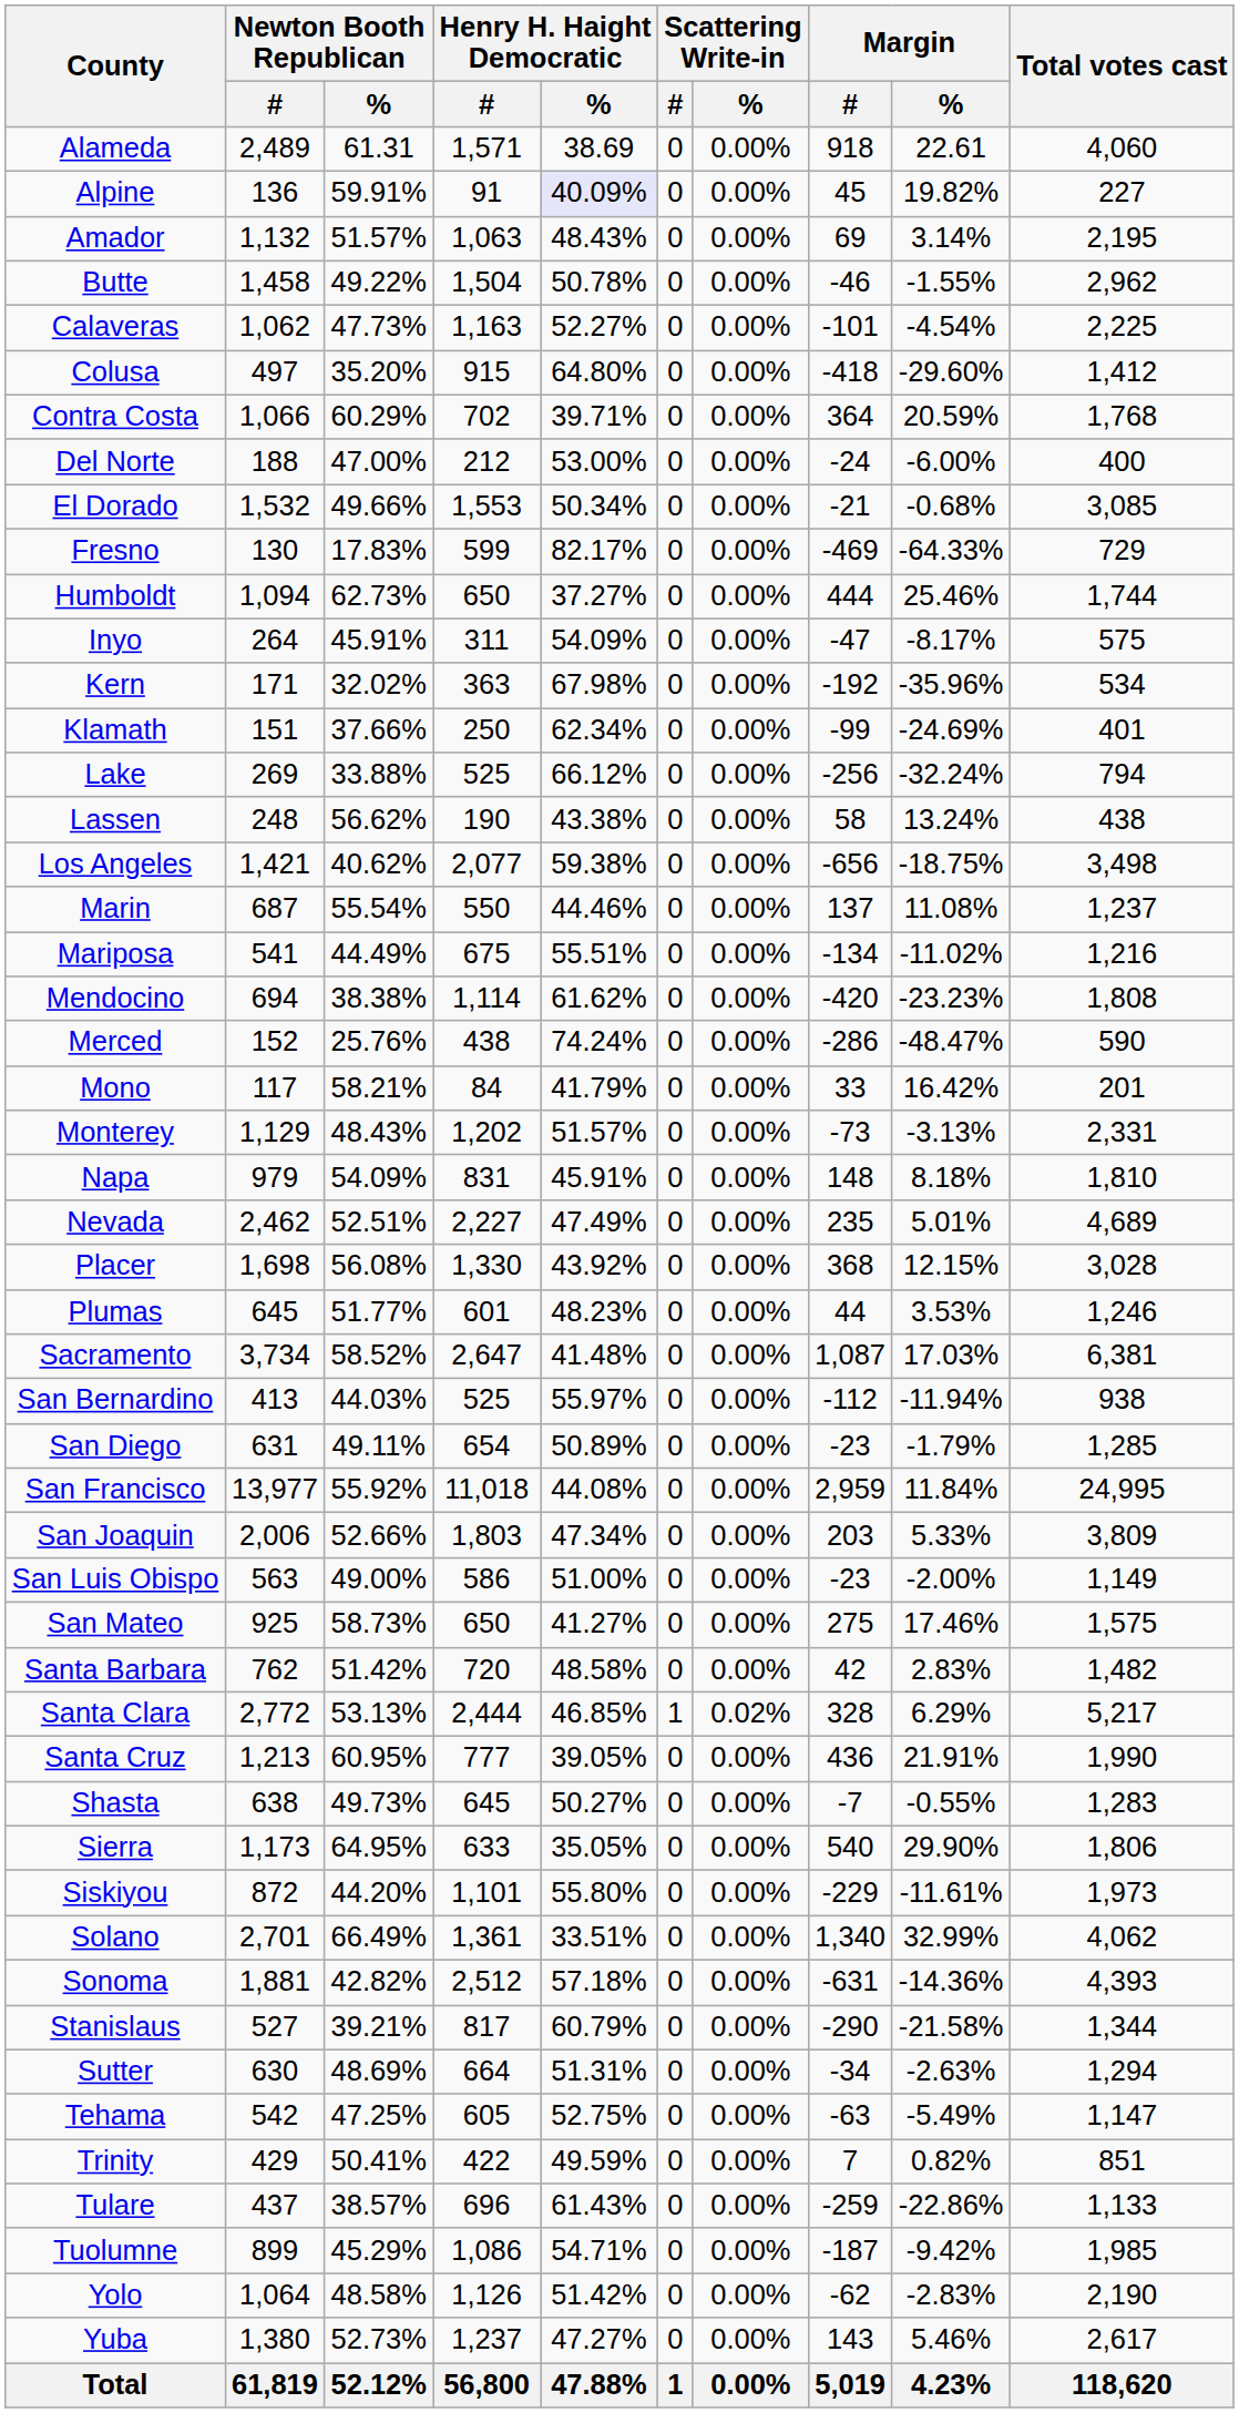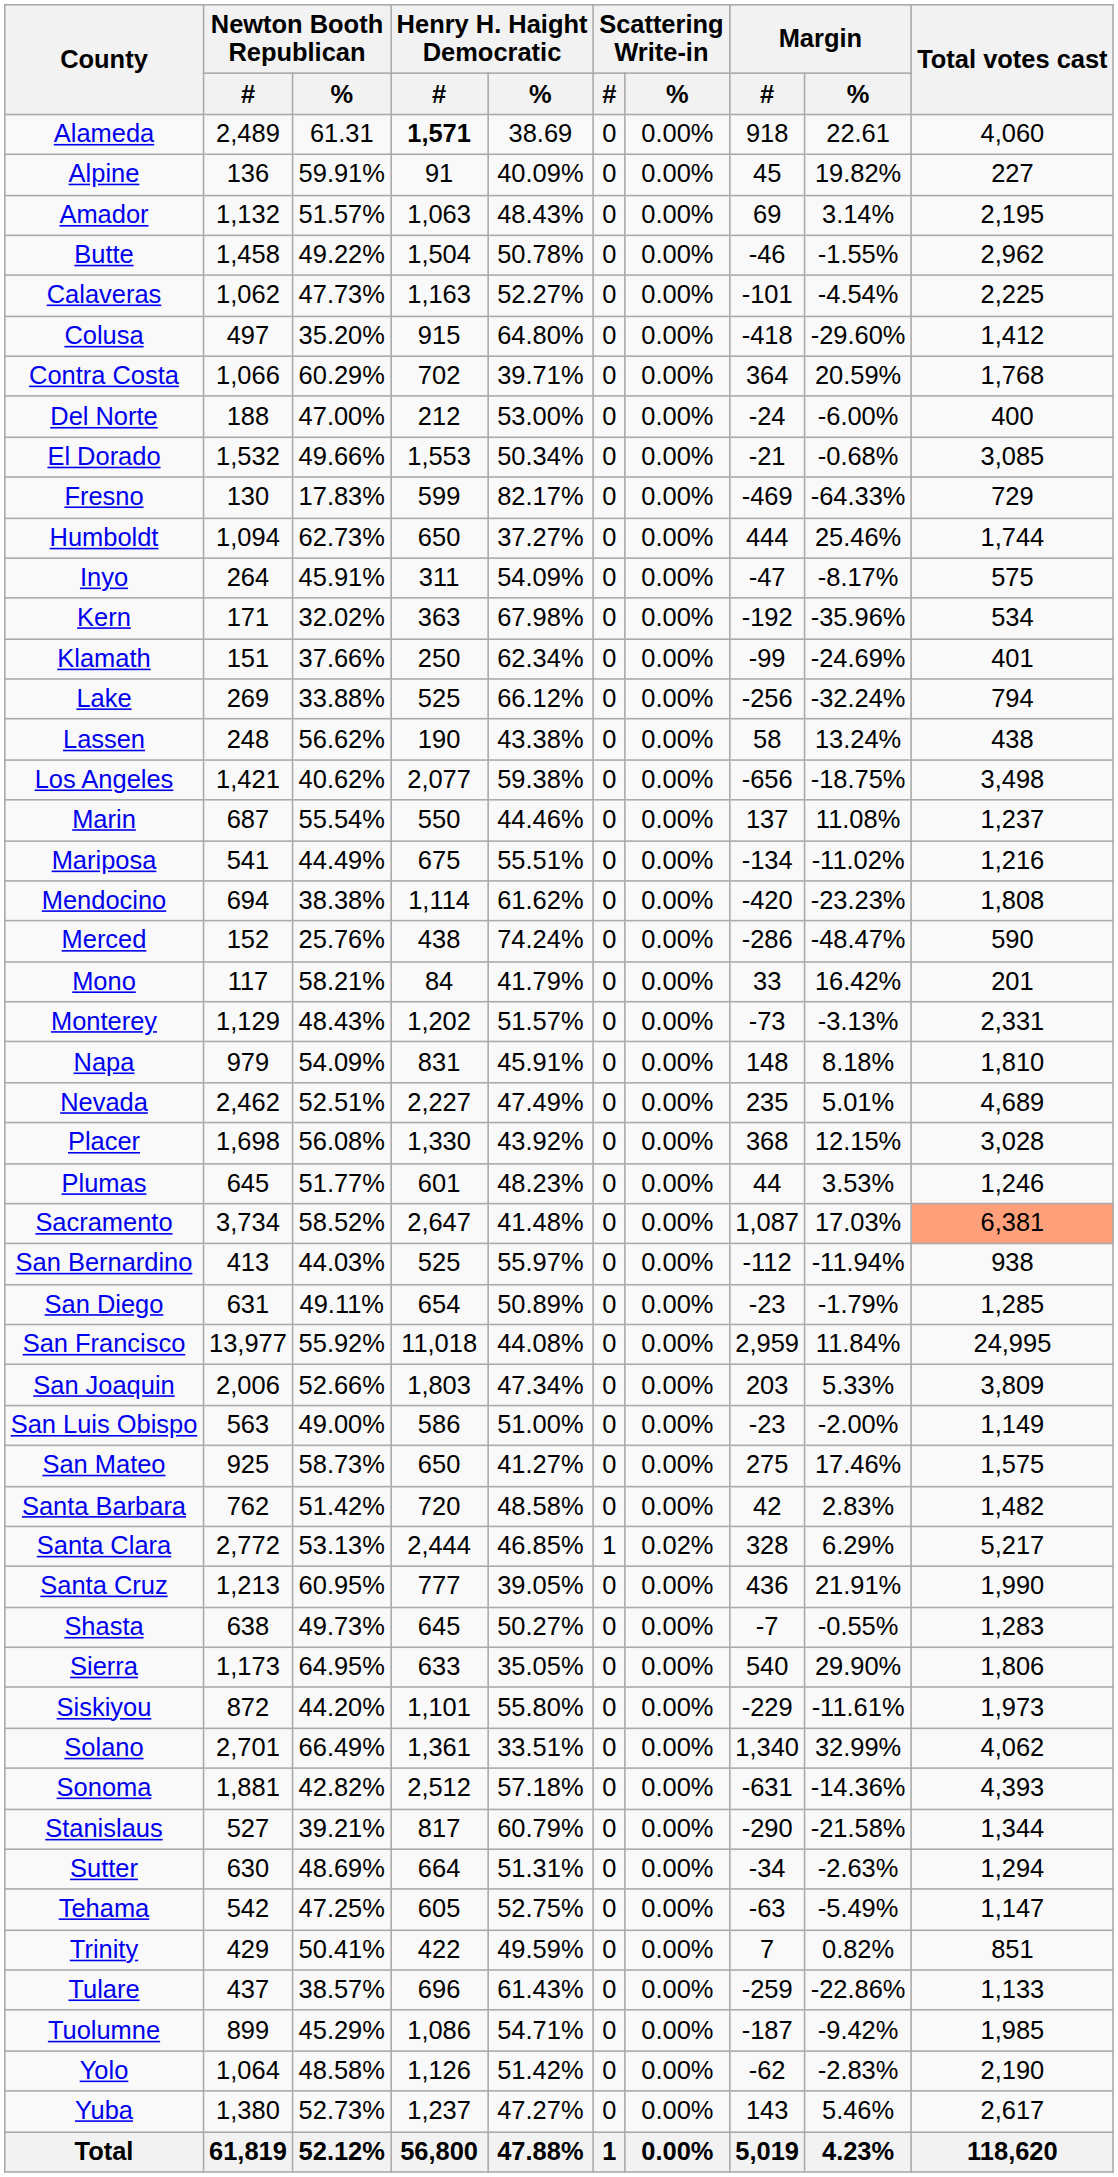 <table class="wikitable sortable" style="text-align:center">
 <tr>
 <th rowspan="2">County</th>
 <th style="text-align:center;" colspan="2">Newton Booth<br>Republican</th>
 <th style="text-align:center;" colspan="2">Henry H. Haight<br>Democratic</th>
 <th style="text-align:center;" colspan="2">Scattering<br>Write-in</th>
 <th style="text-align:center;" colspan="2">Margin</th>
 <th style="text-align:center;" rowspan="2">Total votes cast</th>
 </tr>
 <tr>
 <th style="text-align:center;" data-sort-type="number">#</th>
 <th style="text-align:center;" data-sort-type="number">%</th>
 <th style="text-align:center;" data-sort-type="number">#</th>
 <th style="text-align:center;" data-sort-type="number">%</th>
 <th style="text-align:center;" data-sort-type="number">#</th>
 <th style="text-align:center;" data-sort-type="number">%</th>
 <th style="text-align:center;" data-sort-type="number">#</th>
 <th style="text-align:center;" data-sort-type="number">%</th>
 </tr>
 <tr style="text-align:center;">
 <td><a href='#'>Alameda</a></td>
 <td>2,489</td>
 <td>61.31</td>
-<td>1,571</td>
+<td><strong>1,571</strong></td>
 <td>38.69</td>
 <td>0</td>
 <td>0.00%</td>
 <td>918</td>
 <td>22.61</td>
 <td>4,060</td>
 </tr>
 <tr style="text-align:center;">
 <td><a href='#'>Alpine</a></td>
 <td>136</td>
 <td>59.91%</td>
 <td>91</td>
-<td style="background: lavender;">40.09%</td>
+<td>40.09%</td>
 <td>0</td>
 <td>0.00%</td>
 <td>45</td>
 <td>19.82%</td>
 <td>227</td>
 </tr>
 <tr style="text-align:center;">
 <td><a href='#'>Amador</a></td>
 <td>1,132</td>
 <td>51.57%</td>
 <td>1,063</td>
 <td>48.43%</td>
 <td>0</td>
 <td>0.00%</td>
 <td>69</td>
 <td>3.14%</td>
 <td>2,195</td>
 </tr>
 <tr style="text-align:center;">
 <td><a href='#'>Butte</a></td>
 <td>1,458</td>
 <td>49.22%</td>
 <td>1,504</td>
 <td>50.78%</td>
 <td>0</td>
 <td>0.00%</td>
 <td>-46</td>
 <td>-1.55%</td>
 <td>2,962</td>
 </tr>
 <tr style="text-align:center;">
 <td><a href='#'>Calaveras</a></td>
 <td>1,062</td>
 <td>47.73%</td>
 <td>1,163</td>
 <td>52.27%</td>
 <td>0</td>
 <td>0.00%</td>
 <td>-101</td>
 <td>-4.54%</td>
 <td>2,225</td>
 </tr>
 <tr style="text-align:center;">
 <td><a href='#'>Colusa</a></td>
 <td>497</td>
 <td>35.20%</td>
 <td>915</td>
 <td>64.80%</td>
 <td>0</td>
 <td>0.00%</td>
 <td>-418</td>
 <td>-29.60%</td>
 <td>1,412</td>
 </tr>
 <tr style="text-align:center;">
 <td><a href='#'>Contra Costa</a></td>
 <td>1,066</td>
 <td>60.29%</td>
 <td>702</td>
 <td>39.71%</td>
 <td>0</td>
 <td>0.00%</td>
 <td>364</td>
 <td>20.59%</td>
 <td>1,768</td>
 </tr>
 <tr style="text-align:center;">
 <td><a href='#'>Del Norte</a></td>
 <td>188</td>
 <td>47.00%</td>
 <td>212</td>
 <td>53.00%</td>
 <td>0</td>
 <td>0.00%</td>
 <td>-24</td>
 <td>-6.00%</td>
 <td>400</td>
 </tr>
 <tr style="text-align:center;">
 <td><a href='#'>El Dorado</a></td>
 <td>1,532</td>
 <td>49.66%</td>
 <td>1,553</td>
 <td>50.34%</td>
 <td>0</td>
 <td>0.00%</td>
 <td>-21</td>
 <td>-0.68%</td>
 <td>3,085</td>
 </tr>
 <tr style="text-align:center;">
 <td><a href='#'>Fresno</a></td>
 <td>130</td>
 <td>17.83%</td>
 <td>599</td>
 <td>82.17%</td>
 <td>0</td>
 <td>0.00%</td>
 <td>-469</td>
 <td>-64.33%</td>
 <td>729</td>
 </tr>
 <tr style="text-align:center;">
 <td><a href='#'>Humboldt</a></td>
 <td>1,094</td>
 <td>62.73%</td>
 <td>650</td>
 <td>37.27%</td>
 <td>0</td>
 <td>0.00%</td>
 <td>444</td>
 <td>25.46%</td>
 <td>1,744</td>
 </tr>
 <tr style="text-align:center;">
 <td><a href='#'>Inyo</a></td>
 <td>264</td>
 <td>45.91%</td>
 <td>311</td>
 <td>54.09%</td>
 <td>0</td>
 <td>0.00%</td>
 <td>-47</td>
 <td>-8.17%</td>
 <td>575</td>
 </tr>
 <tr style="text-align:center;">
 <td><a href='#'>Kern</a></td>
 <td>171</td>
 <td>32.02%</td>
 <td>363</td>
 <td>67.98%</td>
 <td>0</td>
 <td>0.00%</td>
 <td>-192</td>
 <td>-35.96%</td>
 <td>534</td>
 </tr>
 <tr style="text-align:center;">
 <td><a href='#'>Klamath</a></td>
 <td>151</td>
 <td>37.66%</td>
 <td>250</td>
 <td>62.34%</td>
 <td>0</td>
 <td>0.00%</td>
 <td>-99</td>
 <td>-24.69%</td>
 <td>401</td>
 </tr>
 <tr style="text-align:center;">
 <td><a href='#'>Lake</a></td>
 <td>269</td>
 <td>33.88%</td>
 <td>525</td>
 <td>66.12%</td>
 <td>0</td>
 <td>0.00%</td>
 <td>-256</td>
 <td>-32.24%</td>
 <td>794</td>
 </tr>
 <tr style="text-align:center;">
 <td><a href='#'>Lassen</a></td>
 <td>248</td>
 <td>56.62%</td>
 <td>190</td>
 <td>43.38%</td>
 <td>0</td>
 <td>0.00%</td>
 <td>58</td>
 <td>13.24%</td>
 <td>438</td>
 </tr>
 <tr style="text-align:center;">
 <td><a href='#'>Los Angeles</a></td>
 <td>1,421</td>
 <td>40.62%</td>
 <td>2,077</td>
 <td>59.38%</td>
 <td>0</td>
 <td>0.00%</td>
 <td>-656</td>
 <td>-18.75%</td>
 <td>3,498</td>
 </tr>
 <tr style="text-align:center;">
 <td><a href='#'>Marin</a></td>
 <td>687</td>
 <td>55.54%</td>
 <td>550</td>
 <td>44.46%</td>
 <td>0</td>
 <td>0.00%</td>
 <td>137</td>
 <td>11.08%</td>
 <td>1,237</td>
 </tr>
 <tr style="text-align:center;">
 <td><a href='#'>Mariposa</a></td>
 <td>541</td>
 <td>44.49%</td>
 <td>675</td>
 <td>55.51%</td>
 <td>0</td>
 <td>0.00%</td>
 <td>-134</td>
 <td>-11.02%</td>
 <td>1,216</td>
 </tr>
 <tr style="text-align:center;">
 <td><a href='#'>Mendocino</a></td>
 <td>694</td>
 <td>38.38%</td>
 <td>1,114</td>
 <td>61.62%</td>
 <td>0</td>
 <td>0.00%</td>
 <td>-420</td>
 <td>-23.23%</td>
 <td>1,808</td>
 </tr>
 <tr style="text-align:center;">
 <td><a href='#'>Merced</a></td>
 <td>152</td>
 <td>25.76%</td>
 <td>438</td>
 <td>74.24%</td>
 <td>0</td>
 <td>0.00%</td>
 <td>-286</td>
 <td>-48.47%</td>
 <td>590</td>
 </tr>
 <tr style="text-align:center;">
 <td><a href='#'>Mono</a></td>
 <td>117</td>
 <td>58.21%</td>
 <td>84</td>
 <td>41.79%</td>
 <td>0</td>
 <td>0.00%</td>
 <td>33</td>
 <td>16.42%</td>
 <td>201</td>
 </tr>
 <tr style="text-align:center;">
 <td><a href='#'>Monterey</a></td>
 <td>1,129</td>
 <td>48.43%</td>
 <td>1,202</td>
 <td>51.57%</td>
 <td>0</td>
 <td>0.00%</td>
 <td>-73</td>
 <td>-3.13%</td>
 <td>2,331</td>
 </tr>
 <tr style="text-align:center;">
 <td><a href='#'>Napa</a></td>
 <td>979</td>
 <td>54.09%</td>
 <td>831</td>
 <td>45.91%</td>
 <td>0</td>
 <td>0.00%</td>
 <td>148</td>
 <td>8.18%</td>
 <td>1,810</td>
 </tr>
 <tr style="text-align:center;">
 <td><a href='#'>Nevada</a></td>
 <td>2,462</td>
 <td>52.51%</td>
 <td>2,227</td>
 <td>47.49%</td>
 <td>0</td>
 <td>0.00%</td>
 <td>235</td>
 <td>5.01%</td>
 <td>4,689</td>
 </tr>
 <tr style="text-align:center;">
 <td><a href='#'>Placer</a></td>
 <td>1,698</td>
 <td>56.08%</td>
 <td>1,330</td>
 <td>43.92%</td>
 <td>0</td>
 <td>0.00%</td>
 <td>368</td>
 <td>12.15%</td>
 <td>3,028</td>
 </tr>
 <tr style="text-align:center;">
 <td><a href='#'>Plumas</a></td>
 <td>645</td>
 <td>51.77%</td>
 <td>601</td>
 <td>48.23%</td>
 <td>0</td>
 <td>0.00%</td>
 <td>44</td>
 <td>3.53%</td>
 <td>1,246</td>
 </tr>
 <tr style="text-align:center;">
 <td><a href='#'>Sacramento</a></td>
 <td>3,734</td>
 <td>58.52%</td>
 <td>2,647</td>
 <td>41.48%</td>
 <td>0</td>
 <td>0.00%</td>
 <td>1,087</td>
 <td>17.03%</td>
-<td>6,381</td>
+<td style="background: lightsalmon;">6,381</td>
 </tr>
 <tr style="text-align:center;">
 <td><a href='#'>San Bernardino</a></td>
 <td>413</td>
 <td>44.03%</td>
 <td>525</td>
 <td>55.97%</td>
 <td>0</td>
 <td>0.00%</td>
 <td>-112</td>
 <td>-11.94%</td>
 <td>938</td>
 </tr>
 <tr style="text-align:center;">
 <td><a href='#'>San Diego</a></td>
 <td>631</td>
 <td>49.11%</td>
 <td>654</td>
 <td>50.89%</td>
 <td>0</td>
 <td>0.00%</td>
 <td>-23</td>
 <td>-1.79%</td>
 <td>1,285</td>
 </tr>
 <tr style="text-align:center;">
 <td><a href='#'>San Francisco</a></td>
 <td>13,977</td>
 <td>55.92%</td>
 <td>11,018</td>
 <td>44.08%</td>
 <td>0</td>
 <td>0.00%</td>
 <td>2,959</td>
 <td>11.84%</td>
 <td>24,995</td>
 </tr>
 <tr style="text-align:center;">
 <td><a href='#'>San Joaquin</a></td>
 <td>2,006</td>
 <td>52.66%</td>
 <td>1,803</td>
 <td>47.34%</td>
 <td>0</td>
 <td>0.00%</td>
 <td>203</td>
 <td>5.33%</td>
 <td>3,809</td>
 </tr>
 <tr style="text-align:center;">
 <td><a href='#'>San Luis Obispo</a></td>
 <td>563</td>
 <td>49.00%</td>
 <td>586</td>
 <td>51.00%</td>
 <td>0</td>
 <td>0.00%</td>
 <td>-23</td>
 <td>-2.00%</td>
 <td>1,149</td>
 </tr>
 <tr style="text-align:center;">
 <td><a href='#'>San Mateo</a></td>
 <td>925</td>
 <td>58.73%</td>
 <td>650</td>
 <td>41.27%</td>
 <td>0</td>
 <td>0.00%</td>
 <td>275</td>
 <td>17.46%</td>
 <td>1,575</td>
 </tr>
 <tr style="text-align:center;">
 <td><a href='#'>Santa Barbara</a></td>
 <td>762</td>
 <td>51.42%</td>
 <td>720</td>
 <td>48.58%</td>
 <td>0</td>
 <td>0.00%</td>
 <td>42</td>
 <td>2.83%</td>
 <td>1,482</td>
 </tr>
 <tr style="text-align:center;">
 <td><a href='#'>Santa Clara</a></td>
 <td>2,772</td>
 <td>53.13%</td>
 <td>2,444</td>
 <td>46.85%</td>
 <td>1</td>
 <td>0.02%</td>
 <td>328</td>
 <td>6.29%</td>
 <td>5,217</td>
 </tr>
 <tr style="text-align:center;">
 <td><a href='#'>Santa Cruz</a></td>
 <td>1,213</td>
 <td>60.95%</td>
 <td>777</td>
 <td>39.05%</td>
 <td>0</td>
 <td>0.00%</td>
 <td>436</td>
 <td>21.91%</td>
 <td>1,990</td>
 </tr>
 <tr style="text-align:center;">
 <td><a href='#'>Shasta</a></td>
 <td>638</td>
 <td>49.73%</td>
 <td>645</td>
 <td>50.27%</td>
 <td>0</td>
 <td>0.00%</td>
 <td>-7</td>
 <td>-0.55%</td>
 <td>1,283</td>
 </tr>
 <tr style="text-align:center;">
 <td><a href='#'>Sierra</a></td>
 <td>1,173</td>
 <td>64.95%</td>
 <td>633</td>
 <td>35.05%</td>
 <td>0</td>
 <td>0.00%</td>
 <td>540</td>
 <td>29.90%</td>
 <td>1,806</td>
 </tr>
 <tr style="text-align:center;">
 <td><a href='#'>Siskiyou</a></td>
 <td>872</td>
 <td>44.20%</td>
 <td>1,101</td>
 <td>55.80%</td>
 <td>0</td>
 <td>0.00%</td>
 <td>-229</td>
 <td>-11.61%</td>
 <td>1,973</td>
 </tr>
 <tr style="text-align:center;">
 <td><a href='#'>Solano</a></td>
 <td>2,701</td>
 <td>66.49%</td>
 <td>1,361</td>
 <td>33.51%</td>
 <td>0</td>
 <td>0.00%</td>
 <td>1,340</td>
 <td>32.99%</td>
 <td>4,062</td>
 </tr>
 <tr style="text-align:center;">
 <td><a href='#'>Sonoma</a></td>
 <td>1,881</td>
 <td>42.82%</td>
 <td>2,512</td>
 <td>57.18%</td>
 <td>0</td>
 <td>0.00%</td>
 <td>-631</td>
 <td>-14.36%</td>
 <td>4,393</td>
 </tr>
 <tr style="text-align:center;">
 <td><a href='#'>Stanislaus</a></td>
 <td>527</td>
 <td>39.21%</td>
 <td>817</td>
 <td>60.79%</td>
 <td>0</td>
 <td>0.00%</td>
 <td>-290</td>
 <td>-21.58%</td>
 <td>1,344</td>
 </tr>
 <tr style="text-align:center;">
 <td><a href='#'>Sutter</a></td>
 <td>630</td>
 <td>48.69%</td>
 <td>664</td>
 <td>51.31%</td>
 <td>0</td>
 <td>0.00%</td>
 <td>-34</td>
 <td>-2.63%</td>
 <td>1,294</td>
 </tr>
 <tr style="text-align:center;">
 <td><a href='#'>Tehama</a></td>
 <td>542</td>
 <td>47.25%</td>
 <td>605</td>
 <td>52.75%</td>
 <td>0</td>
 <td>0.00%</td>
 <td>-63</td>
 <td>-5.49%</td>
 <td>1,147</td>
 </tr>
 <tr style="text-align:center;">
 <td><a href='#'>Trinity</a></td>
 <td>429</td>
 <td>50.41%</td>
 <td>422</td>
 <td>49.59%</td>
 <td>0</td>
 <td>0.00%</td>
 <td>7</td>
 <td>0.82%</td>
 <td>851</td>
 </tr>
 <tr style="text-align:center;">
 <td><a href='#'>Tulare</a></td>
 <td>437</td>
 <td>38.57%</td>
 <td>696</td>
 <td>61.43%</td>
 <td>0</td>
 <td>0.00%</td>
 <td>-259</td>
 <td>-22.86%</td>
 <td>1,133</td>
 </tr>
 <tr style="text-align:center;">
 <td><a href='#'>Tuolumne</a></td>
 <td>899</td>
 <td>45.29%</td>
 <td>1,086</td>
 <td>54.71%</td>
 <td>0</td>
 <td>0.00%</td>
 <td>-187</td>
 <td>-9.42%</td>
 <td>1,985</td>
 </tr>
 <tr style="text-align:center;">
 <td><a href='#'>Yolo</a></td>
 <td>1,064</td>
 <td>48.58%</td>
 <td>1,126</td>
 <td>51.42%</td>
 <td>0</td>
 <td>0.00%</td>
 <td>-62</td>
 <td>-2.83%</td>
 <td>2,190</td>
 </tr>
 <tr style="text-align:center;">
 <td><a href='#'>Yuba</a></td>
 <td>1,380</td>
 <td>52.73%</td>
 <td>1,237</td>
 <td>47.27%</td>
 <td>0</td>
 <td>0.00%</td>
 <td>143</td>
 <td>5.46%</td>
 <td>2,617</td>
 </tr>
 <tr style="text-align:center;">
 <th>Total</th>
 <th>61,819</th>
 <th>52.12%</th>
 <th>56,800</th>
 <th>47.88%</th>
 <th>1</th>
 <th>0.00%</th>
 <th>5,019</th>
 <th>4.23%</th>
 <th>118,620</th>
 </tr>
 </table>
